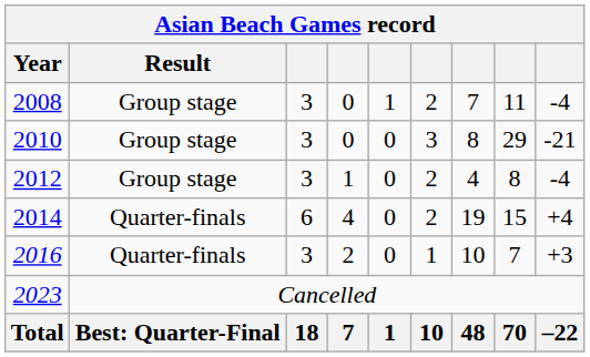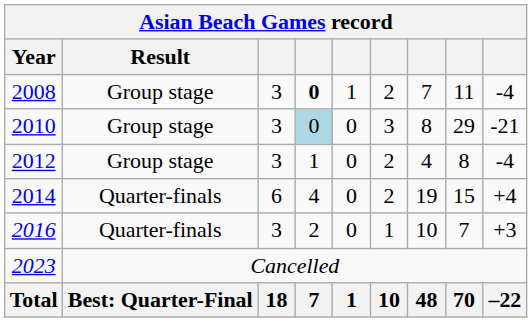 <table class="wikitable" style="text-align: center;">
 <tr>
 <th colspan="9"><a href='#'>Asian Beach Games</a> record</th>
 </tr>
 <tr>
 <th>Year</th>
 <th>Result</th>
 <th width="20"></th>
 <th width="20"></th>
 <th width="20"></th>
 <th width="20"></th>
 <th width="20"></th>
 <th width="20"></th>
 <th width="25"></th>
 </tr>
 <tr>
 <td> <a href='#'>2008</a></td>
 <td>Group stage</td>
 <td>3</td>
-<td>0</td>
+<td><strong>0</strong></td>
 <td>1</td>
 <td>2</td>
 <td>7</td>
 <td>11</td>
 <td>-4</td>
 </tr>
 <tr>
 <td> <a href='#'>2010</a></td>
 <td>Group stage</td>
 <td>3</td>
-<td>0</td>
+<td style="background: lightblue;">0</td>
 <td>0</td>
 <td>3</td>
 <td>8</td>
 <td>29</td>
 <td>-21</td>
 </tr>
 <tr>
 <td> <a href='#'>2012</a></td>
 <td>Group stage</td>
 <td>3</td>
 <td>1</td>
 <td>0</td>
 <td>2</td>
 <td>4</td>
 <td>8</td>
 <td>-4</td>
 </tr>
 <tr>
 <td> <a href='#'>2014</a></td>
 <td>Quarter-finals</td>
 <td>6</td>
 <td>4</td>
 <td>0</td>
 <td>2</td>
 <td>19</td>
 <td>15</td>
 <td>+4</td>
 </tr>
 <tr>
 <td> <a href='#'><em>2016</em></a></td>
 <td>Quarter-finals</td>
 <td>3</td>
 <td>2</td>
 <td>0</td>
 <td>1</td>
 <td>10</td>
 <td>7</td>
 <td>+3</td>
 </tr>
 <tr>
 <td> <a href='#'><em>2023</em></a></td>
 <td colspan="8" rowspan="1"><em>Cancelled</em></td>
 </tr>
 <tr>
 <th>Total</th>
 <th>Best: Quarter-Final</th>
 <th>18</th>
 <th>7</th>
 <th>1</th>
 <th>10</th>
 <th>48</th>
 <th>70</th>
 <th>–22</th>
 </tr>
 </table>
